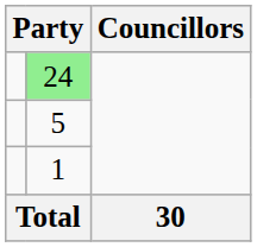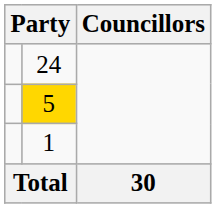 <table class="wikitable">
 <tr>
 <th colspan=2>Party</th>
 <th>Councillors</th>
 </tr>
 <tr>
 <td></td>
-<td align=center style="background: lightgreen;">24</td>
+<td align=center>24</td>
 </tr>
 <tr>
 <td></td>
-<td align=center>5</td>
+<td align=center style="background: gold;">5</td>
 </tr>
 <tr>
 <td></td>
 <td align=center>1</td>
 </tr>
 <tr>
 <th colspan=2>Total</th>
 <th align=center>30</th>
 </tr>
 </table>
